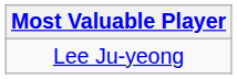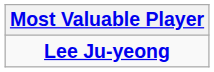 <table class=wikitable style="text-align:center; margin:auto">
 <tr>
 <th><a href='#'>Most Valuable Player</a></th>
 </tr>
 <tr>
-<td> <a href='#'>Lee Ju-yeong</a></td>
+<td><strong> <a href='#'>Lee Ju-yeong</a></strong></td>
 </tr>
 </table>
